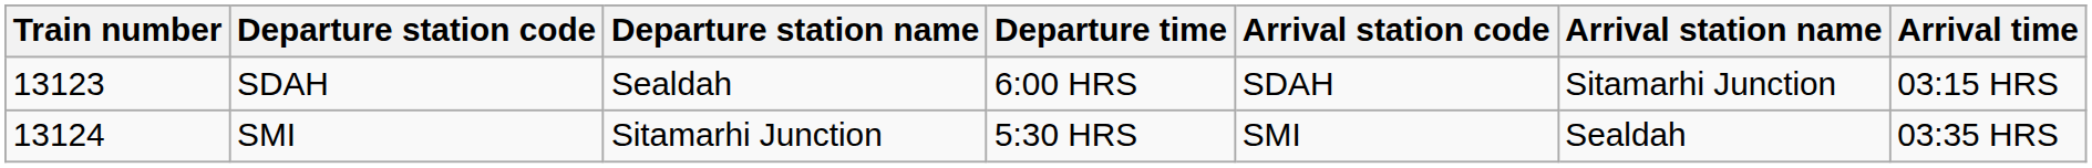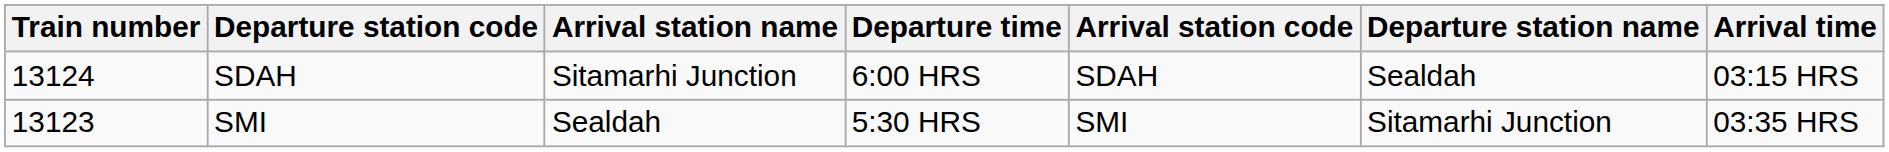 <table class="wikitable">
 <tr>
 <th>Train number</th>
 <th>Departure station code</th>
-<th>Departure station name</th>
+<th>Arrival station name</th>
 <th>Departure time</th>
 <th>Arrival station code</th>
-<th>Arrival station name</th>
+<th>Departure station name</th>
 <th>Arrival time</th>
 </tr>
 <tr>
-<td>13123</td>
+<td>13124</td>
+<td>SDAH</td>
+<td>Sitamarhi Junction</td>
+<td>6:00 HRS</td>
 <td>SDAH</td>
 <td>Sealdah</td>
-<td>6:00 HRS</td>
-<td>SDAH</td>
-<td>Sitamarhi Junction</td>
 <td>03:15 HRS</td>
 </tr>
 <tr>
-<td>13124</td>
+<td>13123</td>
+<td>SMI</td>
+<td>Sealdah</td>
+<td>5:30 HRS</td>
 <td>SMI</td>
 <td>Sitamarhi Junction</td>
-<td>5:30 HRS</td>
-<td>SMI</td>
-<td>Sealdah</td>
 <td>03:35 HRS</td>
 </tr>
 </table>
